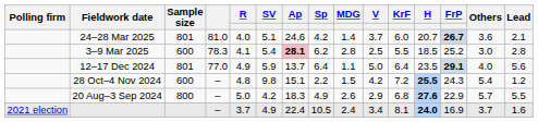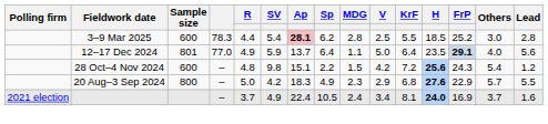 <table class="wikitable sortable mw-datatable" style="text-align:center;font-size:90%;line-height:14px;">
 <tr>
 <th rowspan="2">Polling firm</th>
 <th rowspan="2">Fieldwork date</th>
 <th rowspan="2">Sample<br>size</th>
 <th rowspan="2"></th>
 <th class="unsortable" style="width:30px;"><a href='#'>R</a></th>
 <th class="unsortable" style="width:30px;"><a href='#'>SV</a></th>
 <th class="unsortable" style="width:30px;"><a href='#'>Ap</a></th>
 <th class="unsortable" style="width:30px;"><a href='#'>Sp</a></th>
 <th class="unsortable" style="width:30px;"><a href='#'>MDG</a></th>
 <th class="unsortable" style="width:30px;"><a href='#'>V</a></th>
 <th class="unsortable" style="width:30px;"><a href='#'>KrF</a></th>
 <th class="unsortable" style="width:30px;"><a href='#'>H</a></th>
 <th class="unsortable" style="width:30px;"><a href='#'>FrP</a></th>
 <th rowspan="2" class="unsortable" style="width:30px;">Others</th>
 <th rowspan="2">Lead</th>
 </tr>
 <tr>
 <th style="background:"></th>
 <th style="background:"></th>
 <th style="background:"></th>
 <th style="background:"></th>
 <th style="background:"></th>
 <th style="background:"></th>
 <th style="background:"></th>
 <th style="background:"></th>
 <th style="background:"></th>
 </tr>
 <tr>
 <td></td>
-<td>24–28 Mar 2025</td>
-<td>801</td>
-<td>81.0</td>
-<td>4.0</td>
-<td>5.1</td>
-<td>24.6</td>
-<td>4.2</td>
-<td>1.4</td>
-<td>3.7</td>
-<td>6.0</td>
-<td>20.7</td>
-<td style="background:#ccdae8;"><strong>26.7</strong></td>
-<td>3.6</td>
-<td style="background:">2.1</td>
-</tr>
-<tr>
-<td></td>
 <td>3–9 Mar 2025</td>
 <td>600</td>
 <td>78.3</td>
-<td>4.1</td>
+<td>4.4</td>
 <td>5.4</td>
 <td style="background:#F7BDC5;"><strong>28.1</strong></td>
 <td>6.2</td>
 <td>2.8</td>
 <td>2.5</td>
 <td>5.5</td>
 <td>18.5</td>
 <td>25.2</td>
 <td>3.0</td>
 <td style="background:">2.8</td>
 </tr>
 <tr>
 <td></td>
 <td>12–17 Dec 2024</td>
 <td>801</td>
 <td>77.0</td>
 <td>4.9</td>
 <td>5.9</td>
 <td>13.7</td>
 <td>6.4</td>
 <td>1.1</td>
 <td>5.0</td>
 <td>6.4</td>
 <td>23.5</td>
 <td style="background:#ccdae8;"><strong>29.1</strong></td>
 <td>4.0</td>
 <td style="background:">5.6</td>
 </tr>
 <tr>
 <td></td>
 <td>28 Oct–4 Nov 2024</td>
 <td>600</td>
 <td>–</td>
 <td>4.8</td>
 <td>9.8</td>
 <td>15.1</td>
 <td>2.2</td>
 <td>1.5</td>
 <td>4.2</td>
 <td>7.2</td>
-<td style="background:#B5D5FF;"><strong>25.5</strong></td>
+<td style="background:#B5D5FF;"><strong>25.6</strong></td>
 <td>24.3</td>
 <td>5.4</td>
 <td style="background:">1.2</td>
 </tr>
 <tr>
 <td></td>
 <td>20 Aug–3 Sep 2024</td>
 <td>800</td>
 <td>–</td>
 <td>5.0</td>
 <td>4.2</td>
 <td>18.3</td>
 <td>4.9</td>
-<td>2.6</td>
+<td>2.3</td>
 <td>2.9</td>
 <td>6.8</td>
 <td style="background:#B5D5FF;"><strong>27.6</strong></td>
 <td>22.9</td>
 <td>5.7</td>
 <td style="background:">5.5</td>
 </tr>
 <tr style="background:#E9E9E9;">
 <td><a href='#'>2021 election</a></td>
 <td></td>
 <td></td>
 <td>–</td>
 <td>3.7</td>
 <td>4.9</td>
 <td>22.4</td>
 <td>10.5</td>
 <td>2.4</td>
 <td>3.4</td>
 <td>8.1</td>
 <td style="background:#B5D5FF;"><strong>24.0</strong></td>
 <td>16.9</td>
 <td>3.7</td>
 <td style="background:">1.6</td>
 </tr>
 </table>
